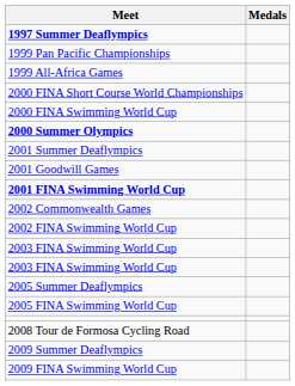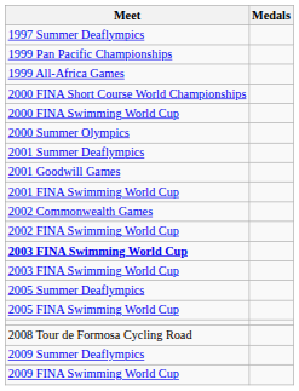 <table class="wikitable">
 <tr>
 <th>Meet</th>
 <th>Medals</th>
 </tr>
 <tr>
-<td><strong><a href='#'>1997 Summer Deaflympics</a></strong></td>
+<td><a href='#'>1997 Summer Deaflympics</a></td>
 <td>      </td>
 </tr>
 <tr>
 <td><a href='#'>1999 Pan Pacific Championships</a></td>
 <td></td>
 </tr>
 <tr>
 <td><a href='#'>1999 All-Africa Games</a></td>
 <td>    </td>
 </tr>
 <tr>
 <td><a href='#'>2000 FINA Short Course World Championships</a></td>
 <td> </td>
 </tr>
 <tr>
 <td><a href='#'>2000 FINA Swimming World Cup</a></td>
 <td>        </td>
 </tr>
 <tr>
-<td><strong><a href='#'>2000 Summer Olympics</a></strong></td>
+<td><a href='#'>2000 Summer Olympics</a></td>
 <td></td>
 </tr>
 <tr>
 <td><a href='#'>2001 Summer Deaflympics</a></td>
 <td>    </td>
 </tr>
 <tr>
 <td><a href='#'>2001 Goodwill Games</a></td>
 <td></td>
 </tr>
 <tr>
-<td><strong><a href='#'>2001 FINA Swimming World Cup</a></strong></td>
+<td><a href='#'>2001 FINA Swimming World Cup</a></td>
 <td>  </td>
 </tr>
 <tr>
 <td><a href='#'>2002 Commonwealth Games</a></td>
 <td></td>
 </tr>
 <tr>
 <td><a href='#'>2002 FINA Swimming World Cup</a></td>
 <td>  </td>
 </tr>
 <tr>
-<td><a href='#'>2003 FINA Swimming World Cup</a></td>
+<td><strong><a href='#'>2003 FINA Swimming World Cup</a></strong></td>
 <td> </td>
 </tr>
 <tr>
 <td><a href='#'>2003 FINA Swimming World Cup</a></td>
 <td>  </td>
 </tr>
 <tr>
 <td><a href='#'>2005 Summer Deaflympics</a></td>
 <td>            </td>
 </tr>
 <tr>
 <td><a href='#'>2005 FINA Swimming World Cup</a></td>
 <td></td>
 </tr>
 <tr>
 <td></td>
 <td> </td>
 </tr>
 <tr>
 <td>2008 Tour de Formosa Cycling Road</td>
 <td>    </td>
 </tr>
 <tr>
 <td><a href='#'>2009 Summer Deaflympics</a></td>
 <td>       </td>
 </tr>
 <tr>
 <td><a href='#'>2009 FINA Swimming World Cup</a></td>
 <td></td>
 </tr>
 </table>
